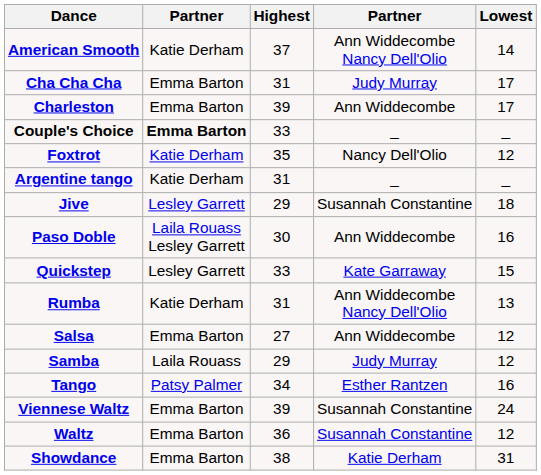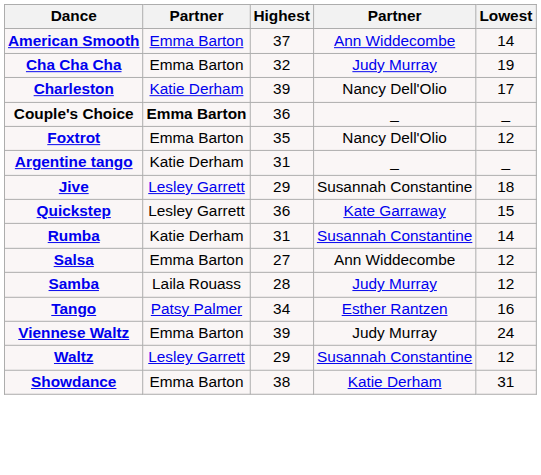 <table class="wikitable sortable collapsed">
 <tr style="text-align:Center; background:#cc;">
 <th>Dance</th>
 <th>Partner</th>
 <th>Highest</th>
 <th>Partner</th>
 <th>Lowest</th>
 </tr>
 <tr style="text-align: center; background:#faf6f6;#">
 <td><strong><a href='#'>American Smooth</a></strong></td>
-<td>Katie Derham</td>
+<td><a href='#'>Emma Barton</a></td>
 <td>37</td>
-<td>Ann Widdecombe<br><a href='#'>Nancy Dell'Olio</a></td>
+<td><a href='#'>Ann Widdecombe</a></td>
 <td>14</td>
 </tr>
 <tr style="text-align: center; background:#faf6f6;">
 <td><strong><a href='#'>Cha Cha Cha</a></strong></td>
 <td>Emma Barton</td>
-<td>31</td>
+<td>32</td>
 <td><a href='#'>Judy Murray</a></td>
-<td>17</td>
+<td>19</td>
 </tr>
 <tr style="text-align: center; background:#faf6f6;">
 <td><strong><a href='#'>Charleston</a></strong></td>
-<td>Emma Barton</td>
+<td><a href='#'>Katie Derham</a></td>
 <td>39</td>
-<td>Ann Widdecombe</td>
+<td>Nancy Dell'Olio</td>
 <td>17</td>
 </tr>
 <tr style="text-align: center; background:#faf6f6;">
 <td><strong>Couple's Choice</strong></td>
 <td><strong>Emma Barton</strong></td>
-<td>33</td>
+<td>36</td>
 <td>_</td>
 <td>_</td>
 </tr>
 <tr style="text-align: center; background:#faf6f6;">
 <td><strong><a href='#'>Foxtrot</a></strong></td>
-<td><a href='#'>Katie Derham</a></td>
+<td>Emma Barton</td>
 <td>35</td>
 <td>Nancy Dell'Olio</td>
 <td>12</td>
 </tr>
 <tr style="text-align: center; background:#faf6f6;">
 <td><strong><a href='#'>Argentine tango</a></strong></td>
 <td>Katie Derham</td>
 <td>31</td>
 <td>_</td>
 <td>_</td>
 </tr>
 <tr style="text-align: center; background:#faf6f6;">
 <td><strong><a href='#'>Jive</a></strong></td>
 <td><a href='#'>Lesley Garrett</a></td>
 <td>29</td>
 <td>Susannah Constantine</td>
 <td>18</td>
 </tr>
 <tr style="text-align: center; background:#faf6f6;">
-<td><strong><a href='#'>Paso Doble</a></strong></td>
-<td><a href='#'>Laila Rouass</a><br>Lesley Garrett</td>
-<td>30</td>
-<td>Ann Widdecombe</td>
-<td>16</td>
-</tr>
-<tr style="text-align: center; background:#faf6f6;">
 <td><strong><a href='#'>Quickstep</a></strong></td>
 <td>Lesley Garrett</td>
-<td>33</td>
+<td>36</td>
 <td><a href='#'>Kate Garraway</a></td>
 <td>15</td>
 </tr>
 <tr style="text-align: center; background:#faf6f6;">
 <td><strong><a href='#'>Rumba</a></strong></td>
 <td>Katie Derham</td>
 <td>31</td>
-<td>Ann Widdecombe<br><a href='#'>Nancy Dell'Olio</a></td>
-<td>13</td>
+<td><a href='#'>Susannah Constantine</a></td>
+<td>14</td>
 </tr>
 <tr style="text-align: center; background:#faf6f6;">
 <td><strong><a href='#'>Salsa</a></strong></td>
 <td>Emma Barton</td>
 <td>27</td>
 <td>Ann Widdecombe</td>
 <td>12</td>
 </tr>
 <tr style="text-align: center; background:#faf6f6;">
 <td><strong><a href='#'>Samba</a></strong></td>
 <td>Laila Rouass</td>
-<td>29</td>
+<td>28</td>
 <td><a href='#'>Judy Murray</a></td>
 <td>12</td>
 </tr>
 <tr style="text-align: center; background:#faf6f6;">
 <td><strong><a href='#'>Tango</a></strong></td>
 <td><a href='#'>Patsy Palmer</a></td>
 <td>34</td>
 <td><a href='#'>Esther Rantzen</a></td>
 <td>16</td>
 </tr>
 <tr style="text-align: center; background:#faf6f6;">
 <td><strong><a href='#'>Viennese Waltz</a></strong></td>
 <td>Emma Barton</td>
 <td>39</td>
-<td>Susannah Constantine</td>
+<td>Judy Murray</td>
 <td>24</td>
 </tr>
 <tr style="text-align: center; background:#faf6f6;">
 <td><strong><a href='#'>Waltz</a></strong></td>
-<td>Emma Barton</td>
-<td>36</td>
+<td><a href='#'>Lesley Garrett</a></td>
+<td>29</td>
 <td><a href='#'>Susannah Constantine</a></td>
 <td>12</td>
 </tr>
 <tr style="text-align: center; background:#faf6f6;">
 <td><strong><a href='#'>Showdance</a></strong></td>
 <td>Emma Barton</td>
 <td>38</td>
 <td><a href='#'>Katie Derham</a></td>
 <td>31</td>
 </tr>
 </table>
